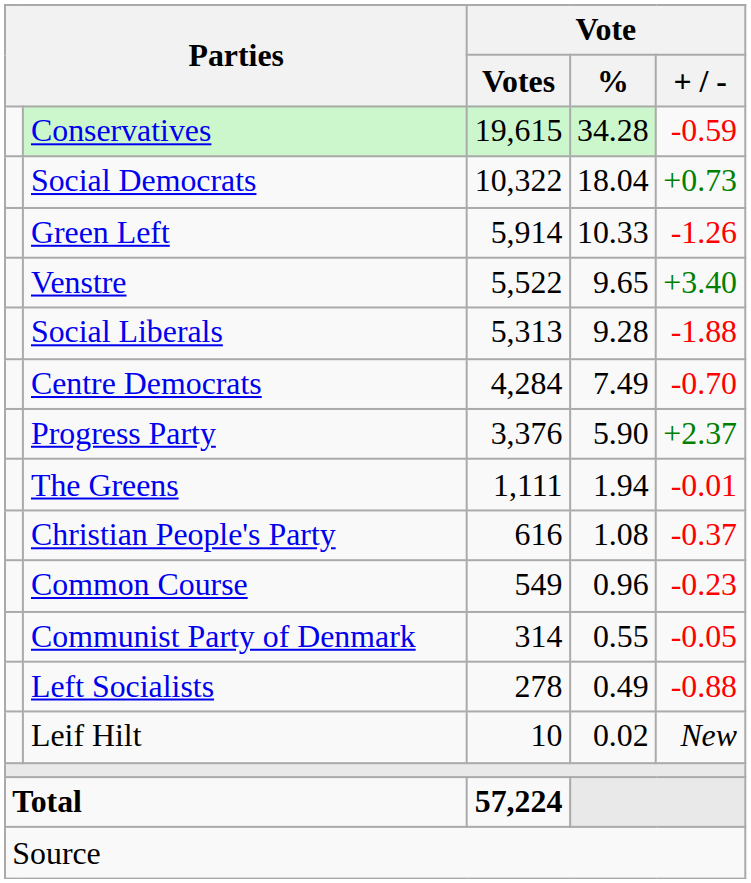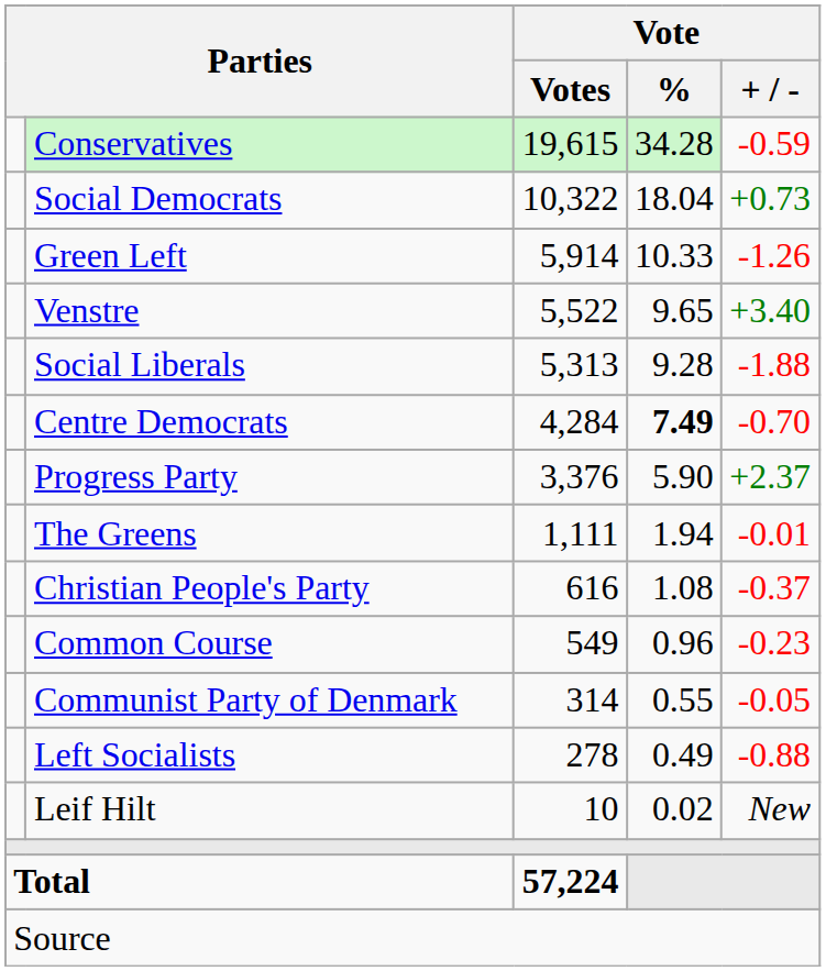 <table class="wikitable" style="text-align:right;">
 <tr>
 <th style="text-align:centre;" rowspan="2" colspan="2" width="225">Parties</th>
 <th colspan="3">Vote</th>
 </tr>
 <tr>
 <th width="15">Votes</th>
 <th width="15">%</th>
 <th width="15">+ / -</th>
 </tr>
 <tr>
 <td width="2" style="color:inherit;background:"></td>
 <td bgcolor=#ccf7cc  align="left"><a href='#'>Conservatives</a></td>
 <td bgcolor=#ccf7cc>19,615</td>
 <td bgcolor=#ccf7cc>34.28</td>
 <td style=color:red;>-0.59</td>
 </tr>
 <tr>
 <td width="2" style="color:inherit;background:"></td>
 <td align="left"><a href='#'>Social Democrats</a></td>
 <td>10,322</td>
 <td>18.04</td>
 <td style=color:green;>+0.73</td>
 </tr>
 <tr>
 <td width="2" style="color:inherit;background:"></td>
 <td align="left"><a href='#'>Green Left</a></td>
 <td>5,914</td>
 <td>10.33</td>
 <td style=color:red;>-1.26</td>
 </tr>
 <tr>
 <td width="2" style="color:inherit;background:"></td>
 <td align="left"><a href='#'>Venstre</a></td>
 <td>5,522</td>
 <td>9.65</td>
 <td style=color:green;>+3.40</td>
 </tr>
 <tr>
 <td width="2" style="color:inherit;background:"></td>
 <td align="left"><a href='#'>Social Liberals</a></td>
 <td>5,313</td>
 <td>9.28</td>
 <td style=color:red;>-1.88</td>
 </tr>
 <tr>
 <td width="2" style="color:inherit;background:"></td>
 <td align="left"><a href='#'>Centre Democrats</a></td>
 <td>4,284</td>
-<td>7.49</td>
+<td><strong>7.49</strong></td>
 <td style=color:red;>-0.70</td>
 </tr>
 <tr>
 <td width="2" style="color:inherit;background:"></td>
 <td align="left"><a href='#'>Progress Party</a></td>
 <td>3,376</td>
 <td>5.90</td>
 <td style=color:green;>+2.37</td>
 </tr>
 <tr>
 <td width="2" style="color:inherit;background:"></td>
 <td align="left"><a href='#'>The Greens</a></td>
 <td>1,111</td>
 <td>1.94</td>
 <td style=color:red;>-0.01</td>
 </tr>
 <tr>
 <td width="2" style="color:inherit;background:"></td>
 <td align="left"><a href='#'>Christian People's Party</a></td>
 <td>616</td>
 <td>1.08</td>
 <td style=color:red;>-0.37</td>
 </tr>
 <tr>
 <td width="2" style="color:inherit;background:"></td>
 <td align="left"><a href='#'>Common Course</a></td>
 <td>549</td>
 <td>0.96</td>
 <td style=color:red;>-0.23</td>
 </tr>
 <tr>
 <td width="2" style="color:inherit;background:"></td>
 <td align="left"><a href='#'>Communist Party of Denmark</a></td>
 <td>314</td>
 <td>0.55</td>
 <td style=color:red;>-0.05</td>
 </tr>
 <tr>
 <td width="2" style="color:inherit;background:"></td>
 <td align="left"><a href='#'>Left Socialists</a></td>
 <td>278</td>
 <td>0.49</td>
 <td style=color:red;>-0.88</td>
 </tr>
 <tr>
 <td width="2" style="color:inherit;background:"></td>
 <td align="left">Leif Hilt</td>
 <td>10</td>
 <td>0.02</td>
 <td><em>New</em></td>
 </tr>
 <tr>
 <td colspan="7" bgcolor="#E9E9E9"></td>
 </tr>
 <tr>
 <td align="left" colspan="2"><strong>Total</strong></td>
 <td><strong>57,224</strong></td>
 <td bgcolor="#E9E9E9" colspan="2"></td>
 </tr>
 <tr>
 <td align="left" colspan="6">Source</td>
 </tr>
 </table>
